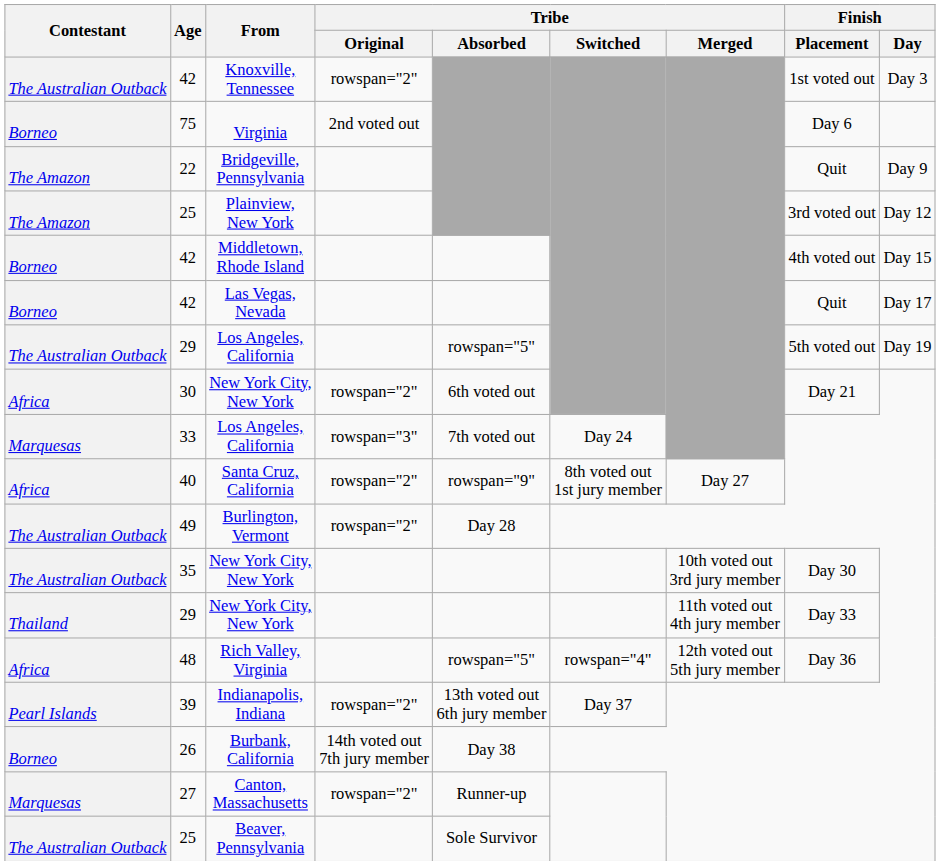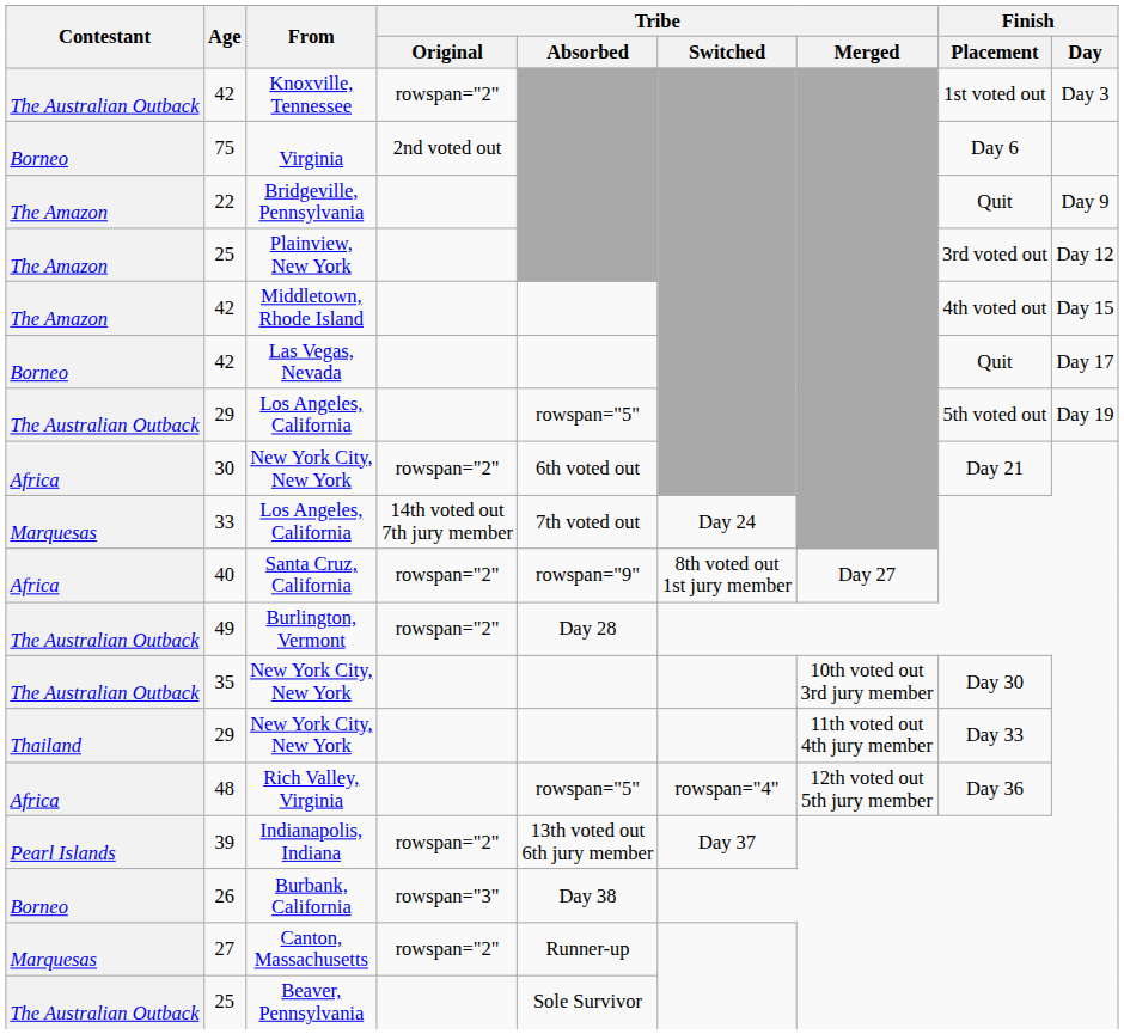 <table class="wikitable sortable" style="margin:auto; text-align:center;">
 <tr>
 <th rowspan="2" scope="col">Contestant</th>
 <th rowspan="2" scope="col">Age</th>
 <th rowspan="2" scope="col" class=unsortable>From</th>
 <th colspan="4" scope="colgroup">Tribe</th>
 <th colspan="2" scope="colgroup">Finish</th>
 </tr>
 <tr>
 <th scope="col">Original</th>
 <th scope="col">Absorbed</th>
 <th scope="col">Switched</th>
 <th scope="col" class=unsortable>Merged</th>
 <th scope="col" class=unsortable>Placement</th>
 <th scope="col" class=unsortable>Day</th>
 </tr>
 <tr>
 <th scope="row" style="text-align:left; font-weight:normal;"><strong></strong><br><em><a href='#'>The Australian Outback</a></em></th>
 <td>42</td>
 <td><a href='#'>Knoxville,<br>Tennessee</a></td>
 <td>rowspan="2" </td>
 <td rowspan="4" style="background-color:darkgrey;"></td>
 <td rowspan="8" style="background-color:darkgrey;"></td>
 <td rowspan="9" style="background-color:darkgrey;"></td>
 <td>1st voted out</td>
 <td>Day 3</td>
 </tr>
 <tr>
 <th scope="row" style="text-align:left; font-weight:normal;"><strong></strong><br><em><a href='#'>Borneo</a></em></th>
 <td>75</td>
 <td><a href='#'><br>Virginia</a></td>
 <td>2nd voted out</td>
 <td>Day 6</td>
 </tr>
 <tr>
 <th scope="row" style="text-align:left; font-weight:normal;"><strong></strong><br><em><a href='#'>The Amazon</a></em></th>
 <td>22</td>
 <td><a href='#'>Bridgeville,<br>Pennsylvania</a></td>
 <td></td>
 <td>Quit</td>
 <td>Day 9</td>
 </tr>
 <tr>
 <th scope="row" style="text-align:left; font-weight:normal;"><strong></strong><br><em><a href='#'>The Amazon</a></em></th>
 <td>25</td>
 <td><a href='#'>Plainview,<br> New York</a></td>
 <td></td>
 <td>3rd voted out</td>
 <td>Day 12</td>
 </tr>
 <tr>
-<th scope="row" style="text-align:left; font-weight:normal;"><strong></strong><br><em><a href='#'>Borneo</a></em></th>
+<th scope="row" style="text-align:left; font-weight:normal;"><strong></strong><br><em><a href='#'>The Amazon</a></em></th>
 <td>42</td>
 <td><a href='#'>Middletown,<br>Rhode Island</a></td>
 <td></td>
 <td></td>
 <td>4th voted out</td>
 <td>Day 15</td>
 </tr>
 <tr>
 <th scope="row" style="text-align:left; font-weight:normal;"><strong></strong><br><em><a href='#'>Borneo</a></em></th>
 <td>42</td>
 <td><a href='#'>Las Vegas,<br>Nevada</a></td>
 <td></td>
 <td></td>
 <td>Quit</td>
 <td>Day 17</td>
 </tr>
 <tr>
 <th scope="row" style="text-align:left; font-weight:normal;"><strong></strong><br><em><a href='#'>The Australian Outback</a></em></th>
 <td>29</td>
 <td><a href='#'>Los Angeles,<br> California</a></td>
 <td></td>
 <td>rowspan="5" </td>
 <td>5th voted out</td>
 <td>Day 19</td>
 </tr>
 <tr>
 <th scope="row" style="text-align:left; font-weight:normal;"><strong></strong><br><em><a href='#'>Africa</a></em></th>
 <td>30</td>
 <td><a href='#'>New York City,<br>New York</a></td>
 <td>rowspan="2" </td>
 <td>6th voted out</td>
 <td>Day 21</td>
 </tr>
 <tr>
 <th scope="row" style="text-align:left; font-weight:normal;"><strong></strong><br><em><a href='#'>Marquesas</a></em></th>
 <td>33</td>
 <td><a href='#'>Los Angeles,<br>California</a></td>
-<td>rowspan="3" </td>
+<td>14th voted out<br>7th jury member</td>
 <td>7th voted out</td>
 <td>Day 24</td>
 </tr>
 <tr>
 <th scope="row" style="text-align:left; font-weight:normal;"><strong></strong><br><em><a href='#'>Africa</a></em></th>
 <td>40</td>
 <td><a href='#'>Santa Cruz,<br>California</a></td>
 <td>rowspan="2" </td>
 <td>rowspan="9" </td>
 <td>8th voted out<br>1st jury member</td>
 <td>Day 27</td>
 </tr>
 <tr>
 <th scope="row" style="text-align:left; font-weight:normal;"><strong></strong><br><em><a href='#'>The Australian Outback</a></em></th>
 <td>49</td>
 <td><a href='#'>Burlington,<br>Vermont</a></td>
 <td>rowspan="2" </td>
 <td>Day 28</td>
 </tr>
 <tr>
 <th scope="row" style="text-align:left; font-weight:normal;"><strong></strong><br><em><a href='#'>The Australian Outback</a></em></th>
 <td>35</td>
 <td><a href='#'>New York City,<br>New York</a></td>
 <td></td>
 <td></td>
 <td></td>
 <td>10th voted out<br>3rd jury member</td>
 <td>Day 30</td>
 </tr>
 <tr>
 <th scope="row" style="text-align:left; font-weight:normal;"><strong></strong><br><em><a href='#'>Thailand</a></em></th>
 <td>29</td>
 <td><a href='#'>New York City,<br>New York</a></td>
 <td></td>
 <td></td>
 <td></td>
 <td>11th voted out<br>4th jury member</td>
 <td>Day 33</td>
 </tr>
 <tr>
 <th scope="row" style="text-align:left; font-weight:normal;"><strong></strong><br><em><a href='#'>Africa</a></em></th>
 <td>48</td>
 <td><a href='#'>Rich Valley,<br>Virginia</a></td>
 <td></td>
 <td>rowspan="5" </td>
 <td>rowspan="4" </td>
 <td>12th voted out<br>5th jury member</td>
 <td>Day 36</td>
 </tr>
 <tr>
 <th scope="row" style="text-align:left; font-weight:normal;"><strong></strong><br><em><a href='#'>Pearl Islands</a></em></th>
 <td>39</td>
 <td><a href='#'>Indianapolis,<br>Indiana</a></td>
 <td>rowspan="2" </td>
 <td>13th voted out<br>6th jury member</td>
 <td>Day 37</td>
 </tr>
 <tr>
 <th scope="row" style="text-align:left; font-weight:normal;"><strong></strong><br><em><a href='#'>Borneo</a></em></th>
 <td>26</td>
 <td><a href='#'>Burbank,<br>California</a></td>
-<td>14th voted out<br>7th jury member</td>
+<td>rowspan="3" </td>
 <td>Day 38</td>
 </tr>
 <tr>
 <th scope="row" style="text-align:left; font-weight:normal;"><strong></strong><br><em><a href='#'>Marquesas</a></em></th>
 <td>27</td>
 <td><a href='#'>Canton,<br>Massachusetts</a></td>
 <td>rowspan="2" </td>
 <td>Runner-up</td>
 <td rowspan="2"></td>
 </tr>
 <tr>
 <th scope="row" style="text-align:left; font-weight:normal;"><strong></strong><br><em><a href='#'>The Australian Outback</a></em></th>
 <td>25</td>
 <td><a href='#'>Beaver,<br>Pennsylvania</a></td>
 <td></td>
 <td>Sole Survivor</td>
 </tr>
 </table>
